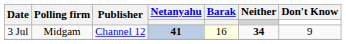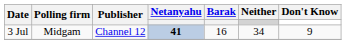 <table class="wikitable sortable" style="text-align:center; font-size:90%; line-height:13px;">
 <tr>
 <th rowspan="2">Date</th>
 <th rowspan="2">Polling firm</th>
 <th rowspan="2">Publisher</th>
 <th><a href='#'>Netanyahu</a></th>
 <th><a href='#'>Barak</a></th>
 <th>Neither</th>
 <th>Don't Know</th>
 </tr>
 <tr>
 <th style="background:"></th>
 <th style="background:"></th>
 <th style="background:#d3d3d3;"></th>
 <th style="background:#ffffff;"></th>
 </tr>
 <tr>
 <td data-sort-value="2019-07-03">3 Jul</td>
 <td>Midgam</td>
 <td><a href='#'>Channel 12</a></td>
 <td style="background:#BBCDE4"><strong>41</strong>	</td>
-<td style="background: lightyellow;">16					</td>
-<td><strong>34					</strong></td>
+<td>16					</td>
+<td>34					</td>
 <td>9					</td>
 </tr>
 <tr>
 </tr>
 </table>
